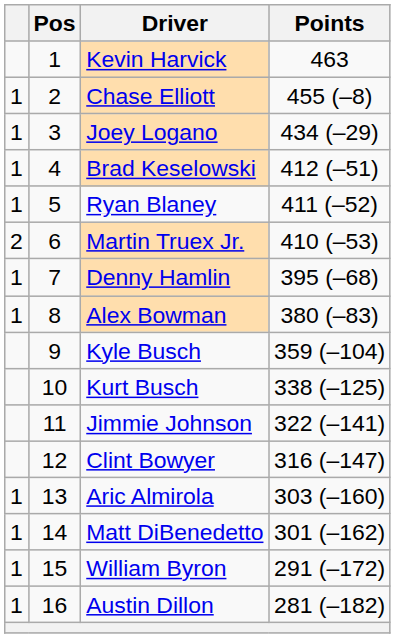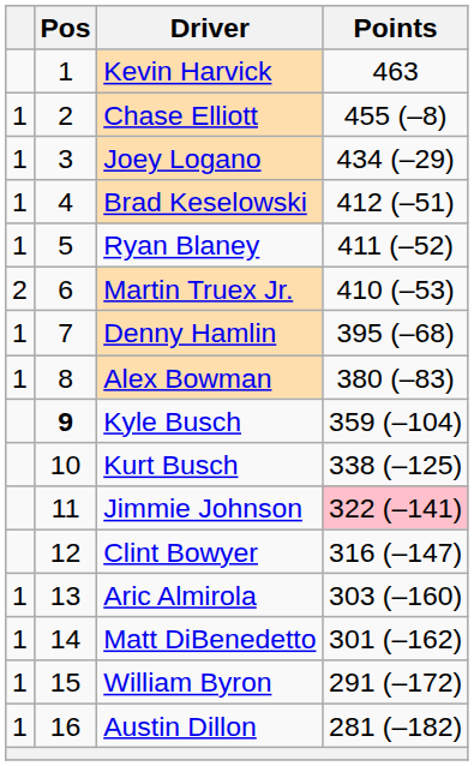 <table class="wikitable" style="font-size: 95%">
 <tr>
 <th></th>
 <th>Pos</th>
 <th>Driver</th>
 <th>Points</th>
 </tr>
 <tr>
 <td align="left"></td>
 <td style="text-align:center;">1</td>
 <td style="background:#FFDEAD;"><a href='#'>Kevin Harvick</a></td>
 <td style="text-align:center;">463</td>
 </tr>
 <tr>
 <td align="left"> 1</td>
 <td style="text-align:center;">2</td>
 <td style="background:#FFDEAD;"><a href='#'>Chase Elliott</a></td>
 <td style="text-align:center;">455 (–8)</td>
 </tr>
 <tr>
 <td align="left"> 1</td>
 <td style="text-align:center;">3</td>
 <td style="background:#FFDEAD;"><a href='#'>Joey Logano</a></td>
 <td style="text-align:center;">434 (–29)</td>
 </tr>
 <tr>
 <td align="left"> 1</td>
 <td style="text-align:center;">4</td>
 <td style="background:#FFDEAD;"><a href='#'>Brad Keselowski</a></td>
 <td style="text-align:center;">412 (–51)</td>
 </tr>
 <tr>
 <td align="left"> 1</td>
 <td style="text-align:center;">5</td>
 <td><a href='#'>Ryan Blaney</a></td>
 <td style="text-align:center;">411 (–52)</td>
 </tr>
 <tr>
 <td align="left"> 2</td>
 <td style="text-align:center;">6</td>
 <td style="background:#FFDEAD;"><a href='#'>Martin Truex Jr.</a></td>
 <td style="text-align:center;">410 (–53)</td>
 </tr>
 <tr>
 <td align="left"> 1</td>
 <td style="text-align:center;">7</td>
 <td style="background:#FFDEAD;"><a href='#'>Denny Hamlin</a></td>
 <td style="text-align:center;">395 (–68)</td>
 </tr>
 <tr>
 <td align="left"> 1</td>
 <td style="text-align:center;">8</td>
 <td style="background:#FFDEAD;"><a href='#'>Alex Bowman</a></td>
 <td style="text-align:center;">380 (–83)</td>
 </tr>
 <tr>
 <td align="left"></td>
-<td style="text-align:center;">9</td>
+<td style="text-align:center;"><strong>9</strong></td>
 <td><a href='#'>Kyle Busch</a></td>
 <td style="text-align:center;">359 (–104)</td>
 </tr>
 <tr>
 <td align="left"></td>
 <td style="text-align:center;">10</td>
 <td><a href='#'>Kurt Busch</a></td>
 <td style="text-align:center;">338 (–125)</td>
 </tr>
 <tr>
 <td align="left"></td>
 <td style="text-align:center;">11</td>
 <td><a href='#'>Jimmie Johnson</a></td>
-<td style="text-align:center;">322 (–141)</td>
+<td style="background: pink; text-align:center;">322 (–141)</td>
 </tr>
 <tr>
 <td align="left"></td>
 <td style="text-align:center;">12</td>
 <td><a href='#'>Clint Bowyer</a></td>
 <td style="text-align:center;">316 (–147)</td>
 </tr>
 <tr>
 <td align="left"> 1</td>
 <td style="text-align:center;">13</td>
 <td><a href='#'>Aric Almirola</a></td>
 <td style="text-align:center;">303 (–160)</td>
 </tr>
 <tr>
 <td align="left"> 1</td>
 <td style="text-align:center;">14</td>
 <td><a href='#'>Matt DiBenedetto</a></td>
 <td style="text-align:center;">301 (–162)</td>
 </tr>
 <tr>
 <td align="left"> 1</td>
 <td style="text-align:center;">15</td>
 <td><a href='#'>William Byron</a></td>
 <td style="text-align:center;">291 (–172)</td>
 </tr>
 <tr>
 <td align="left"> 1</td>
 <td style="text-align:center;">16</td>
 <td><a href='#'>Austin Dillon</a></td>
 <td style="text-align:center;">281 (–182)</td>
 </tr>
 <tr class="sortbottom">
 <th colspan="9"></th>
 </tr>
 </table>
